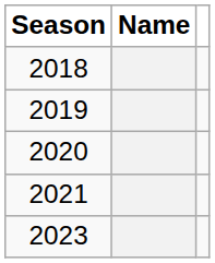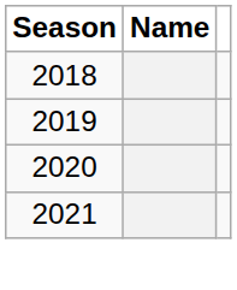 <table class="wikitable sortable plainrowheaders" style="text-align:center">
 <tr>
 <th scope="col" style="background-color:#ffffff; border-top:#">Season</th>
 <th scope="col" style="background-color:#ffffff; border-top:#">Name</th>
 <th scope="col" class="unsortable" style="background-color:#ffffff; border-top:#"></th>
 </tr>
 <tr>
 <td>2018</td>
 <th scope="row" style="text-align:center"> </th>
 <td></td>
 </tr>
 <tr>
 <td>2019</td>
 <th scope="row" style="text-align:center"> </th>
 <td></td>
 </tr>
 <tr>
 <td>2020</td>
 <th scope="row" style="text-align:center">  </th>
 <td></td>
 </tr>
 <tr>
 <td>2021</td>
 <th scope="row" style="text-align:center"> </th>
 <td></td>
 </tr>
-<tr>
-<td>2023</td>
-<th scope="row" style="text-align:center">  </th>
-<td></td>
-</tr>
 </table>
